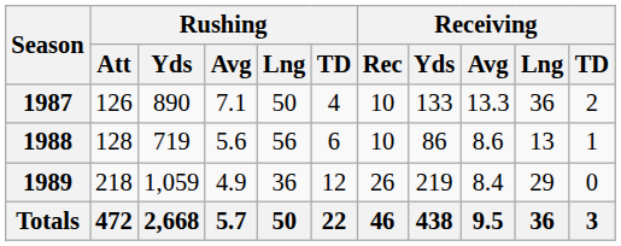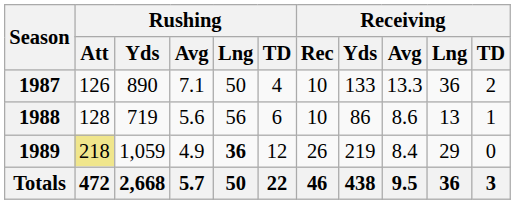 <table class=wikitable style="text-align:center">
 <tr>
 <th rowspan="2">Season</th>
 <th colspan="5">Rushing</th>
 <th colspan="5">Receiving</th>
 </tr>
 <tr>
 <th>Att</th>
 <th>Yds</th>
 <th>Avg</th>
 <th>Lng</th>
 <th>TD</th>
 <th>Rec</th>
 <th>Yds</th>
 <th>Avg</th>
 <th>Lng</th>
 <th>TD</th>
 </tr>
 <tr>
 <th>1987</th>
 <td>126</td>
 <td>890</td>
 <td>7.1</td>
 <td>50</td>
 <td>4</td>
 <td>10</td>
 <td>133</td>
 <td>13.3</td>
 <td>36</td>
 <td>2</td>
 </tr>
 <tr>
 <th>1988</th>
 <td>128</td>
 <td>719</td>
 <td>5.6</td>
 <td>56</td>
 <td>6</td>
 <td>10</td>
 <td>86</td>
 <td>8.6</td>
 <td>13</td>
 <td>1</td>
 </tr>
 <tr>
 <th>1989</th>
-<td>218</td>
+<td style="background: khaki;">218</td>
 <td>1,059</td>
 <td>4.9</td>
-<td>36</td>
+<td><strong>36</strong></td>
 <td>12</td>
 <td>26</td>
 <td>219</td>
 <td>8.4</td>
 <td>29</td>
 <td>0</td>
 </tr>
 <tr>
 <th>Totals</th>
 <th>472</th>
 <th>2,668</th>
 <th>5.7</th>
 <th>50</th>
 <th>22</th>
 <th>46</th>
 <th>438</th>
 <th>9.5</th>
 <th>36</th>
 <th>3</th>
 </tr>
 </table>
